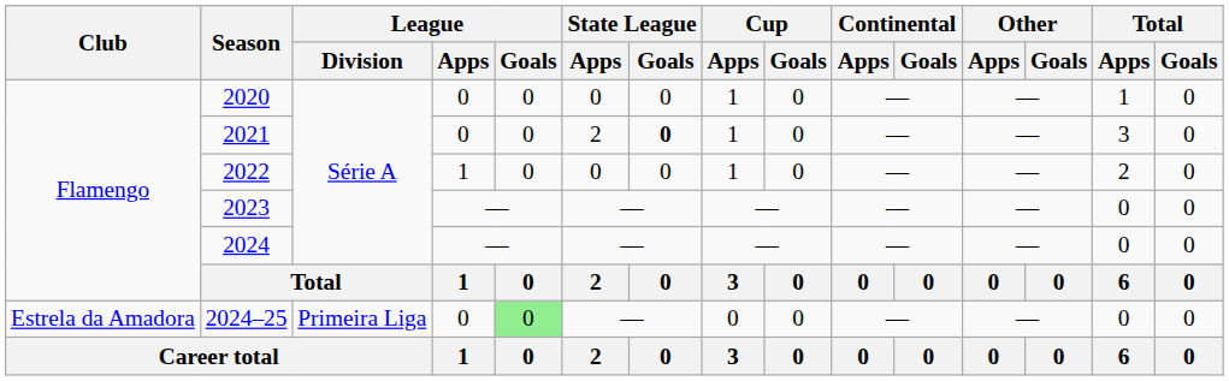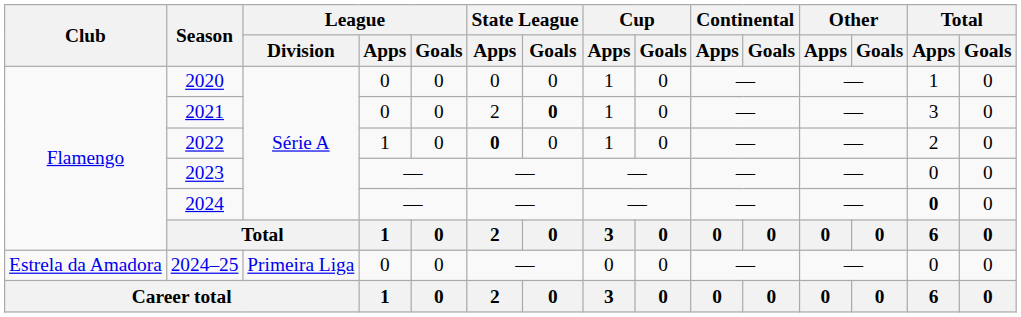 <table class="wikitable" style="text-align: center">
 <tr>
 <th rowspan="2">Club</th>
 <th rowspan="2">Season</th>
 <th colspan="3">League</th>
 <th colspan="2">State League</th>
 <th colspan="2">Cup</th>
 <th colspan="2">Continental</th>
 <th colspan="2">Other</th>
 <th colspan="2">Total</th>
 </tr>
 <tr>
 <th>Division</th>
 <th>Apps</th>
 <th>Goals</th>
 <th>Apps</th>
 <th>Goals</th>
 <th>Apps</th>
 <th>Goals</th>
 <th>Apps</th>
 <th>Goals</th>
 <th>Apps</th>
 <th>Goals</th>
 <th>Apps</th>
 <th>Goals</th>
 </tr>
 <tr>
 <td rowspan="6"><a href='#'>Flamengo</a></td>
 <td><a href='#'>2020</a></td>
 <td rowspan="5"><a href='#'>Série A</a></td>
 <td>0</td>
 <td>0</td>
 <td>0</td>
 <td>0</td>
 <td>1</td>
 <td>0</td>
 <td colspan="2">—</td>
 <td colspan="2">—</td>
 <td>1</td>
 <td>0</td>
 </tr>
 <tr>
 <td><a href='#'>2021</a></td>
 <td>0</td>
 <td>0</td>
 <td>2</td>
 <td><strong>0</strong></td>
 <td>1</td>
 <td>0</td>
 <td colspan="2">—</td>
 <td colspan="2">—</td>
 <td>3</td>
 <td>0</td>
 </tr>
 <tr>
 <td><a href='#'>2022</a></td>
 <td>1</td>
 <td>0</td>
-<td>0</td>
+<td><strong>0</strong></td>
 <td>0</td>
 <td>1</td>
 <td>0</td>
 <td colspan="2">—</td>
 <td colspan="2">—</td>
 <td>2</td>
 <td>0</td>
 </tr>
 <tr>
 <td><a href='#'>2023</a></td>
 <td colspan="2">—</td>
 <td colspan="2">—</td>
 <td colspan="2">—</td>
 <td colspan="2">—</td>
 <td colspan="2">—</td>
 <td>0</td>
 <td>0</td>
 </tr>
 <tr>
 <td><a href='#'>2024</a></td>
 <td colspan="2">—</td>
 <td colspan="2">—</td>
 <td colspan="2">—</td>
 <td colspan="2">—</td>
 <td colspan="2">—</td>
-<td>0</td>
+<td><strong>0</strong></td>
 <td>0</td>
 </tr>
 <tr>
 <th colspan="2"><strong>Total</strong></th>
 <th>1</th>
 <th>0</th>
 <th>2</th>
 <th>0</th>
 <th>3</th>
 <th>0</th>
 <th>0</th>
 <th>0</th>
 <th>0</th>
 <th>0</th>
 <th>6</th>
 <th>0</th>
 </tr>
 <tr>
 <td rowspan="1"><a href='#'>Estrela da Amadora</a></td>
 <td><a href='#'>2024–25</a></td>
 <td rowspan="1"><a href='#'>Primeira Liga</a></td>
 <td>0</td>
-<td style="background: lightgreen;">0</td>
+<td>0</td>
 <td colspan="2">—</td>
 <td>0</td>
 <td>0</td>
 <td colspan="2">—</td>
 <td colspan="2">—</td>
 <td>0</td>
 <td>0</td>
 </tr>
 <tr>
 <th colspan="3"><strong>Career total</strong></th>
 <th>1</th>
 <th>0</th>
 <th>2</th>
 <th>0</th>
 <th>3</th>
 <th>0</th>
 <th>0</th>
 <th>0</th>
 <th>0</th>
 <th>0</th>
 <th>6</th>
 <th>0</th>
 </tr>
 </table>
